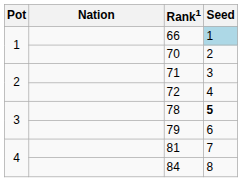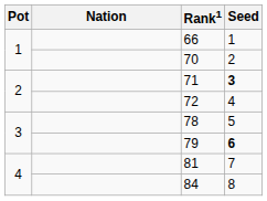 <table class="wikitable">
 <tr>
 <th>Pot</th>
 <th width="175">Nation</th>
 <th>Rank<sup>1</sup></th>
 <th>Seed</th>
 </tr>
 <tr>
 <td rowspan=2 style="text-align:center;">1</td>
 <td></td>
 <td>66</td>
-<td style="background: lightblue;">1</td>
+<td>1</td>
 </tr>
 <tr>
 <td></td>
 <td>70</td>
 <td>2</td>
 </tr>
 <tr>
 <td rowspan=2 style="text-align:center;">2</td>
 <td></td>
 <td>71</td>
-<td>3</td>
+<td><strong>3</strong></td>
 </tr>
 <tr>
 <td></td>
 <td>72</td>
 <td>4</td>
 </tr>
 <tr>
 <td rowspan=2 style="text-align:center;">3</td>
 <td></td>
 <td>78</td>
-<td><strong>5</strong></td>
+<td>5</td>
 </tr>
 <tr>
 <td></td>
 <td>79</td>
-<td>6</td>
+<td><strong>6</strong></td>
 </tr>
 <tr>
 <td rowspan=2 style="text-align:center;">4</td>
 <td></td>
 <td>81</td>
 <td>7</td>
 </tr>
 <tr>
 <td></td>
 <td>84</td>
 <td>8</td>
 </tr>
 </table>
